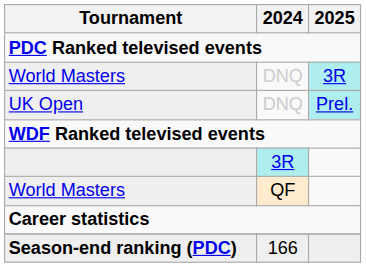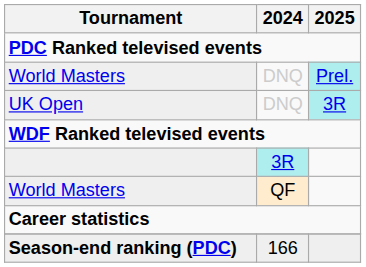 <table class="wikitable" style="width:25%; margin:0">
 <tr>
 <th>Tournament</th>
 <th>2024</th>
 <th>2025</th>
 </tr>
 <tr>
 <td colspan="3" style="text-align:left"><strong><a href='#'>PDC</a> Ranked televised events</strong></td>
 </tr>
 <tr>
 <td style="background:#efefef;"><a href='#'>World Masters</a></td>
 <td style="text-align:center; color:#ccc;">DNQ</td>
-<td style="text-align:center; background:#afeeee;"><a href='#'>3R</a></td>
+<td style="text-align:center; background:#afeeee;"><a href='#'>Prel.</a></td>
 </tr>
 <tr>
 <td style="background:#efefef;"><a href='#'>UK Open</a></td>
 <td style="text-align:center; color:#ccc;">DNQ</td>
-<td style="text-align:center; background:#afeeee;"><a href='#'>Prel.</a></td>
+<td style="text-align:center; background:#afeeee;"><a href='#'>3R</a></td>
 </tr>
 <tr>
 <td colspan="3" style="text-align:left"><strong><a href='#'>WDF</a> Ranked televised events</strong></td>
 </tr>
 <tr>
 <td style="background:#efefef;"></td>
 <td style="text-align:center; background:#afeeee;"><a href='#'>3R</a></td>
 <td></td>
 </tr>
 <tr>
 <td style="background:#efefef;"><a href='#'>World Masters</a></td>
 <td style="text-align:center; background:#ffebcd;">QF</td>
 <td></td>
 </tr>
 <tr>
 <td colspan="3" align="left"><strong>Career statistics</strong></td>
 </tr>
 <tr>
 </tr>
 <tr bgcolor="efefef">
 <td align="left"><strong>Season-end ranking (<a href='#'>PDC</a>)</strong></td>
 <td style="text-align:center;">166</td>
 <td style="text-align:center;"></td>
 </tr>
 </table>
